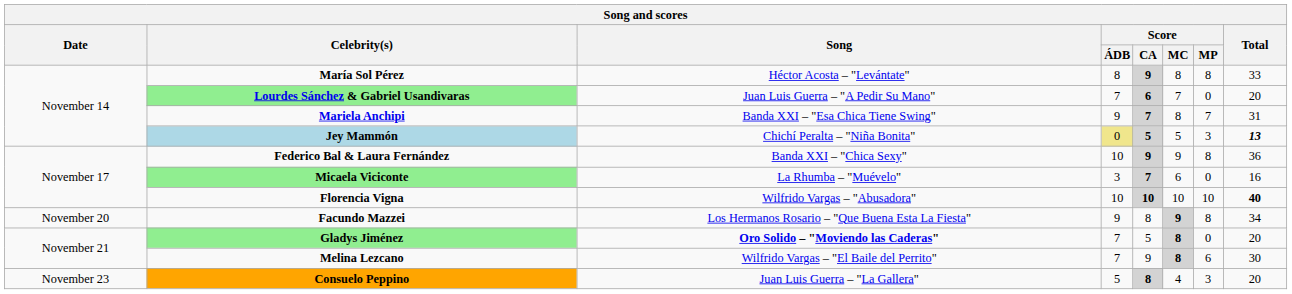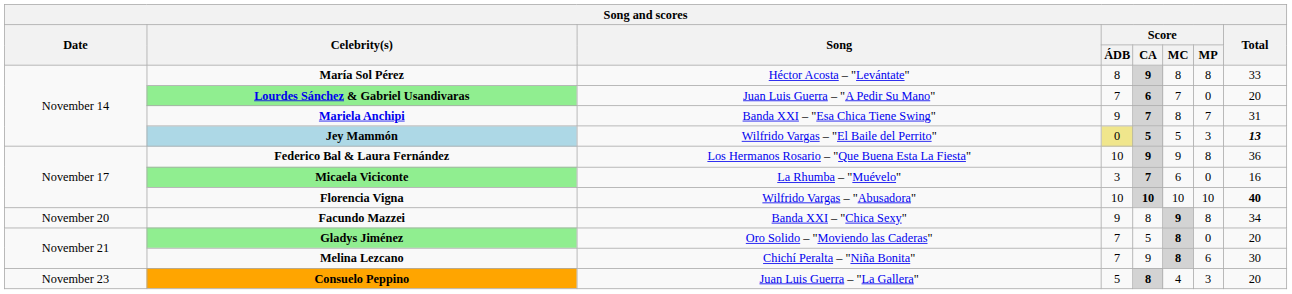 <table class="wikitable collapsible collapsed" style="font-size:95%; text-align: center; width: 100%;">
 <tr>
 <th colspan="11" style="with: 100%;" align=center>Song and scores</th>
 </tr>
 <tr>
 <th rowspan="2">Date</th>
 <th rowspan="2">Celebrity(s)</th>
 <th rowspan="2">Song</th>
 <th colspan="4">Score</th>
 <th rowspan="2">Total</th>
 </tr>
 <tr>
 <th width=30>ÁDB</th>
 <th width=30>CA</th>
 <th width=30>MC</th>
 <th width=30>MP</th>
 </tr>
 <tr>
 <td rowspan="4">November 14</td>
 <td bgcolor=""><strong>María Sol Pérez</strong></td>
 <td><a href='#'>Héctor Acosta</a> – "<a href='#'>Levántate</a>"</td>
 <td>8</td>
 <td bgcolor="lightgrey"><strong>9</strong></td>
 <td>8</td>
 <td>8</td>
 <td>33</td>
 </tr>
 <tr>
 <td bgcolor="lightgreen"><strong><a href='#'>Lourdes Sánchez</a> & Gabriel Usandivaras</strong></td>
 <td><a href='#'>Juan Luis Guerra</a> – "<a href='#'>A Pedir Su Mano</a>"</td>
 <td>7</td>
 <td bgcolor="lightgrey"><strong>6</strong></td>
 <td>7</td>
 <td>0</td>
 <td>20</td>
 </tr>
 <tr>
 <td bgcolor=""><strong><a href='#'>Mariela Anchipi</a></strong></td>
 <td><a href='#'>Banda XXI</a> – "<a href='#'>Esa Chica Tiene Swing</a>"</td>
 <td>9</td>
 <td bgcolor="lightgrey"><strong>7</strong></td>
 <td>8</td>
 <td>7</td>
 <td>31</td>
 </tr>
 <tr>
 <td bgcolor="lightblue"><strong>Jey Mammón</strong></td>
-<td><a href='#'>Chichí Peralta</a> – "<a href='#'>Niña Bonita</a>"</td>
+<td><a href='#'>Wilfrido Vargas</a> – "<a href='#'>El Baile del Perrito</a>"</td>
 <td style="background: khaki;">0</td>
 <td bgcolor="lightgrey"><strong>5</strong></td>
 <td>5</td>
 <td>3</td>
 <td><span><strong><em>13</em></strong></span></td>
 </tr>
 <tr>
 <td rowspan="3">November 17</td>
 <td bgcolor=""><strong>Federico Bal & Laura Fernández</strong></td>
-<td><a href='#'>Banda XXI</a> – "<a href='#'>Chica Sexy</a>"</td>
+<td><a href='#'>Los Hermanos Rosario</a> – "<a href='#'>Que Buena Esta La Fiesta</a>"</td>
 <td>10</td>
 <td bgcolor="lightgrey"><strong>9</strong></td>
 <td>9</td>
 <td>8</td>
 <td>36</td>
 </tr>
 <tr>
 <td bgcolor="lightgreen"><strong>Micaela Viciconte</strong></td>
 <td><a href='#'>La Rhumba</a> – "<a href='#'>Muévelo</a>"</td>
 <td>3</td>
 <td bgcolor="lightgrey"><strong>7</strong></td>
 <td>6</td>
 <td>0</td>
 <td>16</td>
 </tr>
 <tr>
 <td bgcolor=""><strong>Florencia Vigna</strong></td>
 <td><a href='#'>Wilfrido Vargas</a> – "<a href='#'>Abusadora</a>"</td>
 <td>10</td>
 <td bgcolor="lightgrey"><strong>10</strong></td>
 <td>10</td>
 <td>10</td>
 <td><span><strong>40</strong></span></td>
 </tr>
 <tr>
 <td rowspan="1">November 20</td>
 <td bgcolor=""><strong>Facundo Mazzei</strong></td>
-<td><a href='#'>Los Hermanos Rosario</a> – "<a href='#'>Que Buena Esta La Fiesta</a>"</td>
+<td><a href='#'>Banda XXI</a> – "<a href='#'>Chica Sexy</a>"</td>
 <td>9</td>
 <td>8</td>
 <td bgcolor="lightgrey"><strong>9</strong></td>
 <td>8</td>
 <td>34</td>
 </tr>
 <tr>
 <td rowspan="2">November 21</td>
 <td bgcolor="lightgreen"><strong>Gladys Jiménez</strong></td>
-<td><strong><a href='#'>Oro Solido</a> – "<a href='#'>Moviendo las Caderas</a>"</strong></td>
+<td><a href='#'>Oro Solido</a> – "<a href='#'>Moviendo las Caderas</a>"</td>
 <td>7</td>
 <td>5</td>
 <td bgcolor="lightgrey"><strong>8</strong></td>
 <td>0</td>
 <td>20</td>
 </tr>
 <tr>
 <td bgcolor=""><strong>Melina Lezcano</strong></td>
-<td><a href='#'>Wilfrido Vargas</a> – "<a href='#'>El Baile del Perrito</a>"</td>
+<td><a href='#'>Chichí Peralta</a> – "<a href='#'>Niña Bonita</a>"</td>
 <td>7</td>
 <td>9</td>
 <td bgcolor="lightgrey"><strong>8</strong></td>
 <td>6</td>
 <td>30</td>
 </tr>
 <tr>
 <td rowspan="1">November 23</td>
 <td bgcolor="orange"><strong>Consuelo Peppino</strong></td>
 <td><a href='#'>Juan Luis Guerra</a> – "<a href='#'>La Gallera</a>"</td>
 <td>5</td>
 <td bgcolor="lightgrey"><strong>8</strong></td>
 <td>4</td>
 <td>3</td>
 <td>20</td>
 </tr>
 </table>
